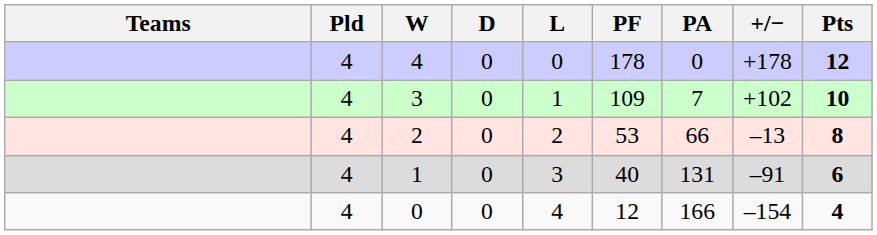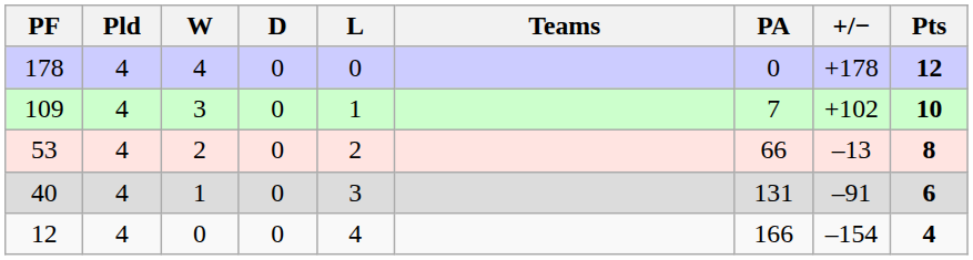 <table class="wikitable" style="text-align: center;">
 <tr>
-<th width="200">Teams</th>
+<th width="40">PF</th>
 <th width="40">Pld</th>
 <th width="40">W</th>
 <th width="40">D</th>
 <th width="40">L</th>
-<th width="40">PF</th>
+<th width="200">Teams</th>
 <th width="40">PA</th>
 <th width="40">+/−</th>
 <th width="40">Pts</th>
 </tr>
 <tr bgcolor="#ccf">
-<td align="left"></td>
+<td>178</td>
 <td>4</td>
 <td>4</td>
 <td>0</td>
 <td>0</td>
-<td>178</td>
+<td align="left"></td>
 <td>0</td>
 <td>+178</td>
 <td><strong>12</strong></td>
 </tr>
 <tr bgcolor="#ccffcc">
-<td align="left"></td>
+<td>109</td>
 <td>4</td>
 <td>3</td>
 <td>0</td>
 <td>1</td>
-<td>109</td>
+<td align="left"></td>
 <td>7</td>
 <td>+102</td>
 <td><strong>10</strong></td>
 </tr>
 <tr bgcolor="FFE4E1">
-<td align="left"></td>
+<td>53</td>
 <td>4</td>
 <td>2</td>
 <td>0</td>
 <td>2</td>
-<td>53</td>
+<td align="left"></td>
 <td>66</td>
 <td>–13</td>
 <td><strong>8</strong></td>
 </tr>
 <tr bgcolor="DCDCDC">
-<td align="left"></td>
+<td>40</td>
 <td>4</td>
 <td>1</td>
 <td>0</td>
 <td>3</td>
-<td>40</td>
+<td align="left"></td>
 <td>131</td>
 <td>–91</td>
 <td><strong>6</strong></td>
 </tr>
 <tr>
-<td align="left"></td>
+<td>12</td>
 <td>4</td>
 <td>0</td>
 <td>0</td>
 <td>4</td>
-<td>12</td>
+<td align="left"></td>
 <td>166</td>
 <td>–154</td>
 <td><strong>4</strong></td>
 </tr>
 </table>
